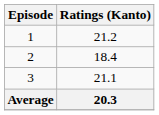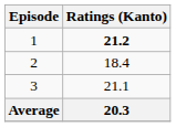 <table class="wikitable">
 <tr>
 <th align="center">Episode</th>
 <th align="center">Ratings (Kanto)</th>
 </tr>
 <tr>
 <td align="center">1</td>
-<td align="center">21.2</td>
+<td align="center"><strong>21.2</strong></td>
 </tr>
 <tr>
 <td align="center">2</td>
 <td align="center">18.4</td>
 </tr>
 <tr>
 <td align="center">3</td>
 <td align="center">21.1</td>
 </tr>
 <tr>
 <th align="center">Average</th>
 <th align="center">20.3</th>
 </tr>
 <tr>
 </tr>
 </table>
